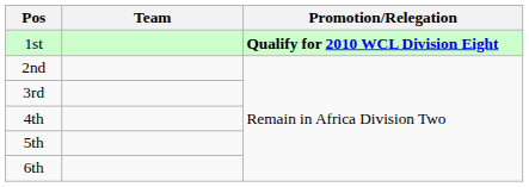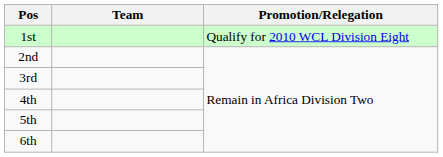 <table class="wikitable">
 <tr>
 <th width=50>Pos</th>
 <th width=175>Team</th>
 <th width=275>Promotion/Relegation</th>
 </tr>
 <tr style="background:#ccffcc">
 <td align="center">1st</td>
 <td></td>
-<td><strong>Qualify for <a href='#'>2010 WCL Division Eight</a></strong></td>
+<td>Qualify for <a href='#'>2010 WCL Division Eight</a></td>
 </tr>
 <tr>
 <td align="center">2nd</td>
 <td></td>
 <td rowspan=5>Remain in Africa Division Two</td>
 </tr>
 <tr>
 <td align="center">3rd</td>
 <td></td>
 </tr>
 <tr>
 <td align="center">4th</td>
 <td></td>
 </tr>
 <tr>
 <td align="center">5th</td>
 <td></td>
 </tr>
 <tr>
 <td align="center">6th</td>
 <td></td>
 </tr>
 </table>
